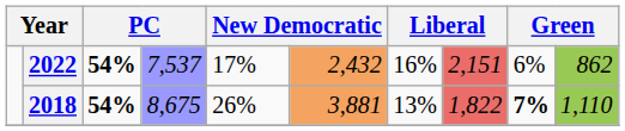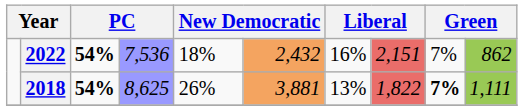 <table class="wikitable" style="float:right; width:400; font-size:90%; margin-left:1em;">
 <tr>
 <th colspan="2" scope="col">Year</th>
 <th colspan="2" scope="col"><a href='#'>PC</a></th>
 <th colspan="2" scope="col"><a href='#'>New Democratic</a></th>
 <th colspan="2" scope="col"><a href='#'>Liberal</a></th>
 <th colspan="2" scope="col"><a href='#'>Green</a></th>
 </tr>
 <tr>
 <td rowspan="2" style="width: 0.25em; background-color: "></td>
 <th><a href='#'>2022</a></th>
 <td><strong>54%</strong></td>
-<td style="text-align:right; background:#9999FF;"><em>7,537</em></td>
-<td>17%</td>
+<td style="text-align:right; background:#9999FF;"><em>7,536</em></td>
+<td>18%</td>
 <td style="text-align:right; background:#F4A460;"><em>2,432</em></td>
 <td>16%</td>
 <td style="text-align:right; background:#EA6D6A;"><em>2,151</em></td>
-<td>6%</td>
+<td>7%</td>
 <td style="text-align:right; background:#99C955;"><em>862</em></td>
 </tr>
 <tr>
 <th><a href='#'>2018</a></th>
 <td><strong>54%</strong></td>
-<td style="text-align:right; background:#9999FF;"><em>8,675</em></td>
+<td style="text-align:right; background:#9999FF;"><em>8,625</em></td>
 <td>26%</td>
 <td style="text-align:right; background:#F4A460;"><em>3,881</em></td>
 <td>13%</td>
 <td style="text-align:right; background:#EA6D6A;"><em>1,822</em></td>
 <td><strong>7%</strong></td>
-<td style="text-align:right; background:#99C955;"><em>1,110</em></td>
+<td style="text-align:right; background:#99C955;"><em>1,111</em></td>
 </tr>
 <tr>
 </tr>
 </table>
